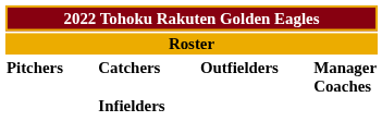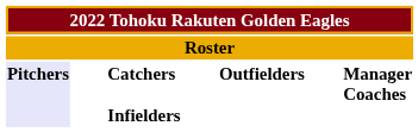 <table class="toccolours" style="font-size: 95%;">
 <tr>
 <th colspan="10" style="background:#870010; color:#FFFFFF; text-align:center; border:2px solid #ecac00">2022 Tohoku Rakuten Golden Eagles</th>
 </tr>
 <tr>
 <td colspan="10" style="background:#ecac00; color:#000000; text-align:center;"><strong>Roster</strong></td>
 </tr>
 <tr>
-<td valign="top"><strong>Pitchers</strong><br>                               </td>
+<td valign="top" style="background: lavender;"><strong>Pitchers</strong><br>                               </td>
 <td style="width:25px;"></td>
 <td valign="top"><strong>Catchers</strong><br>     <br><strong>Infielders</strong>             </td>
 <td style="width:25px;"></td>
 <td valign="top"><strong>Outfielders</strong><br>          </td>
 <td style="width:25px;"></td>
 <td valign="top"><strong>Manager</strong><br> <strong>Coaches</strong>        </td>
 </tr>
 <tr>
 <td colspan="10" style="text-align: right;"></td>
 </tr>
 </table>
